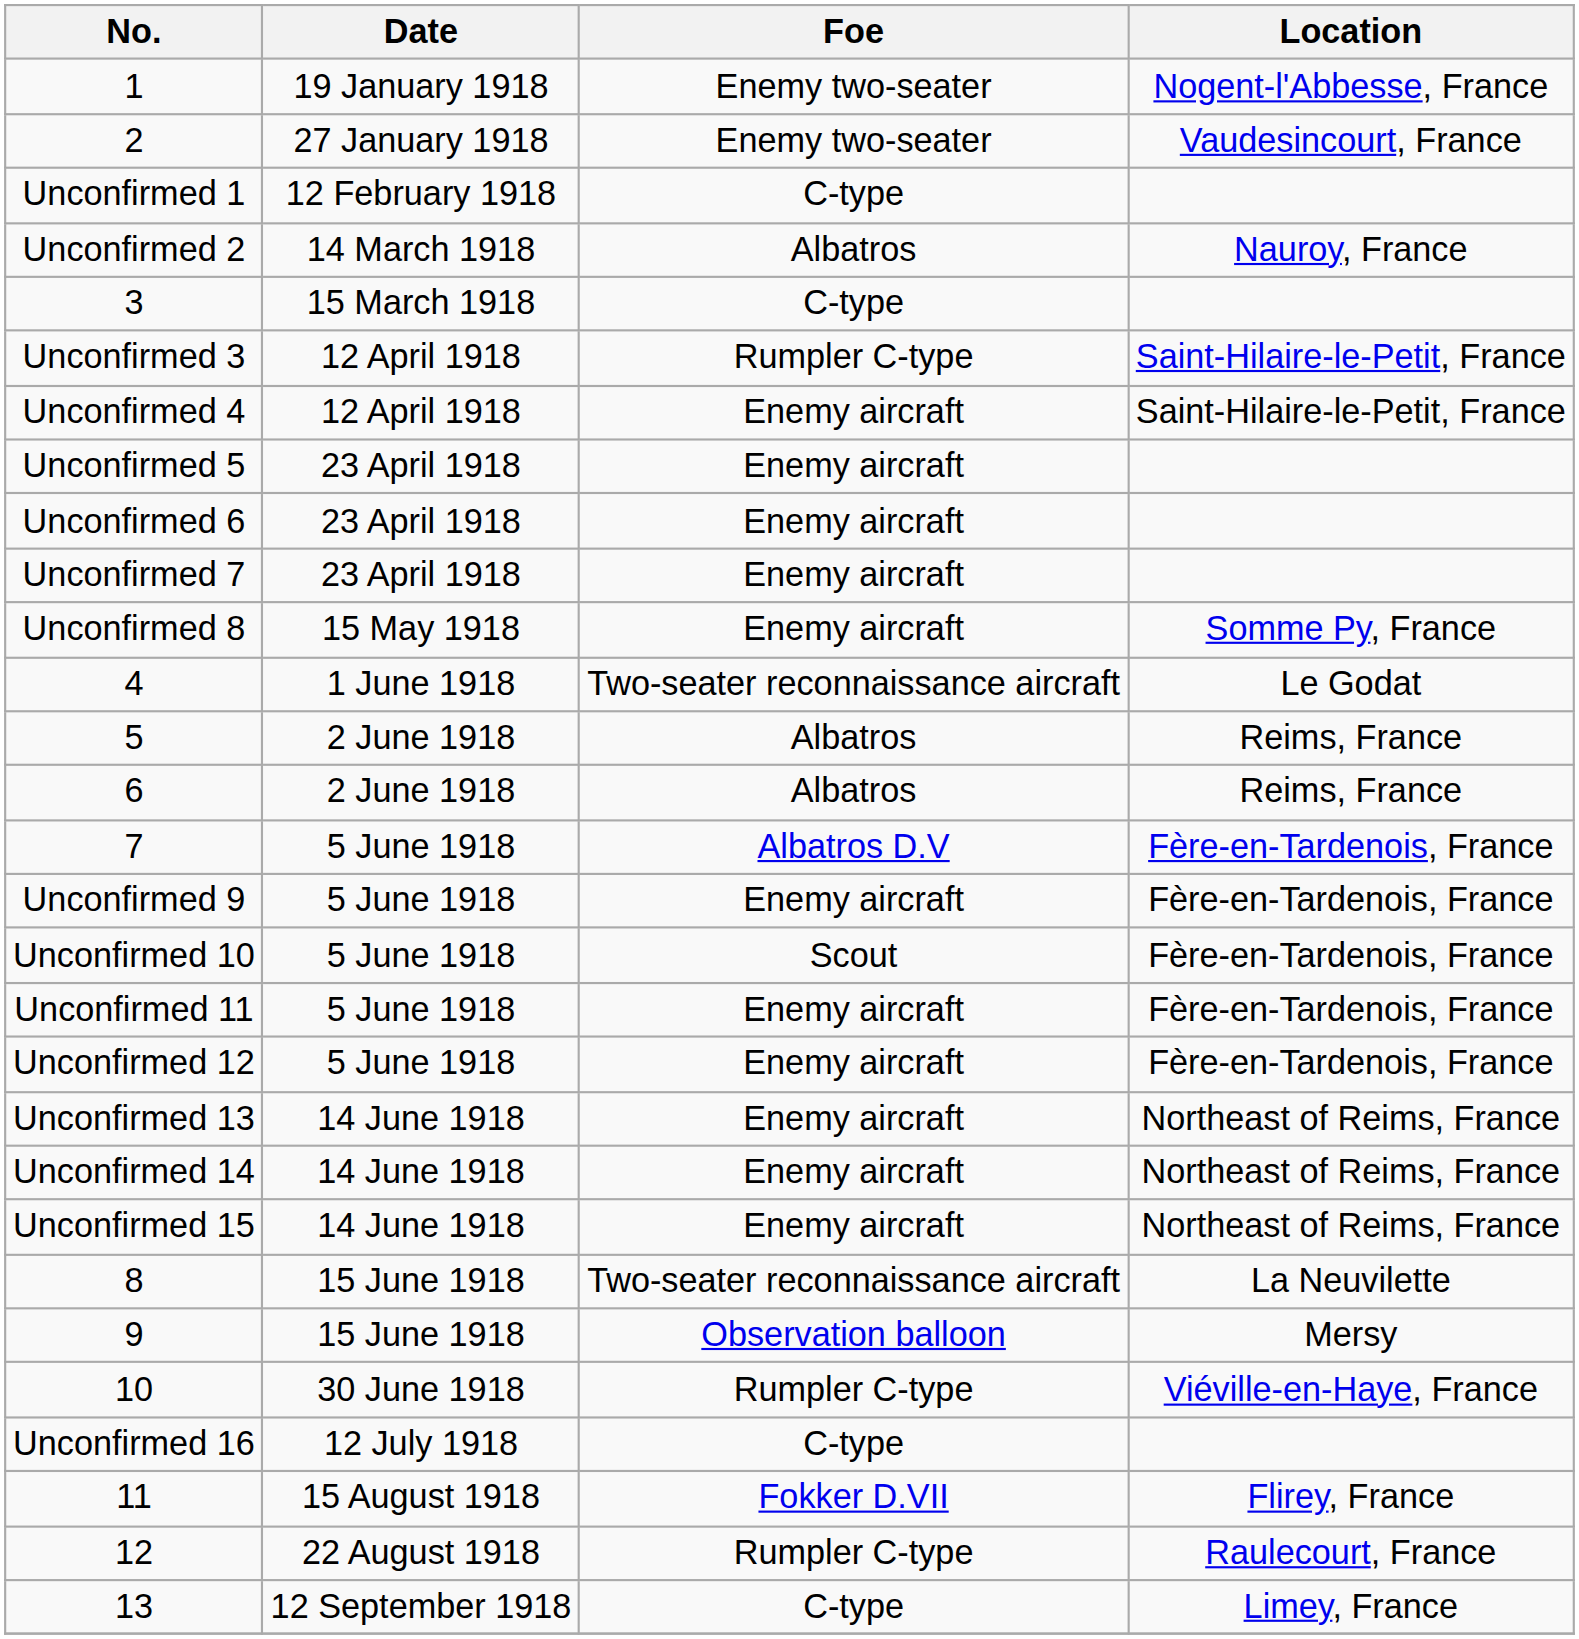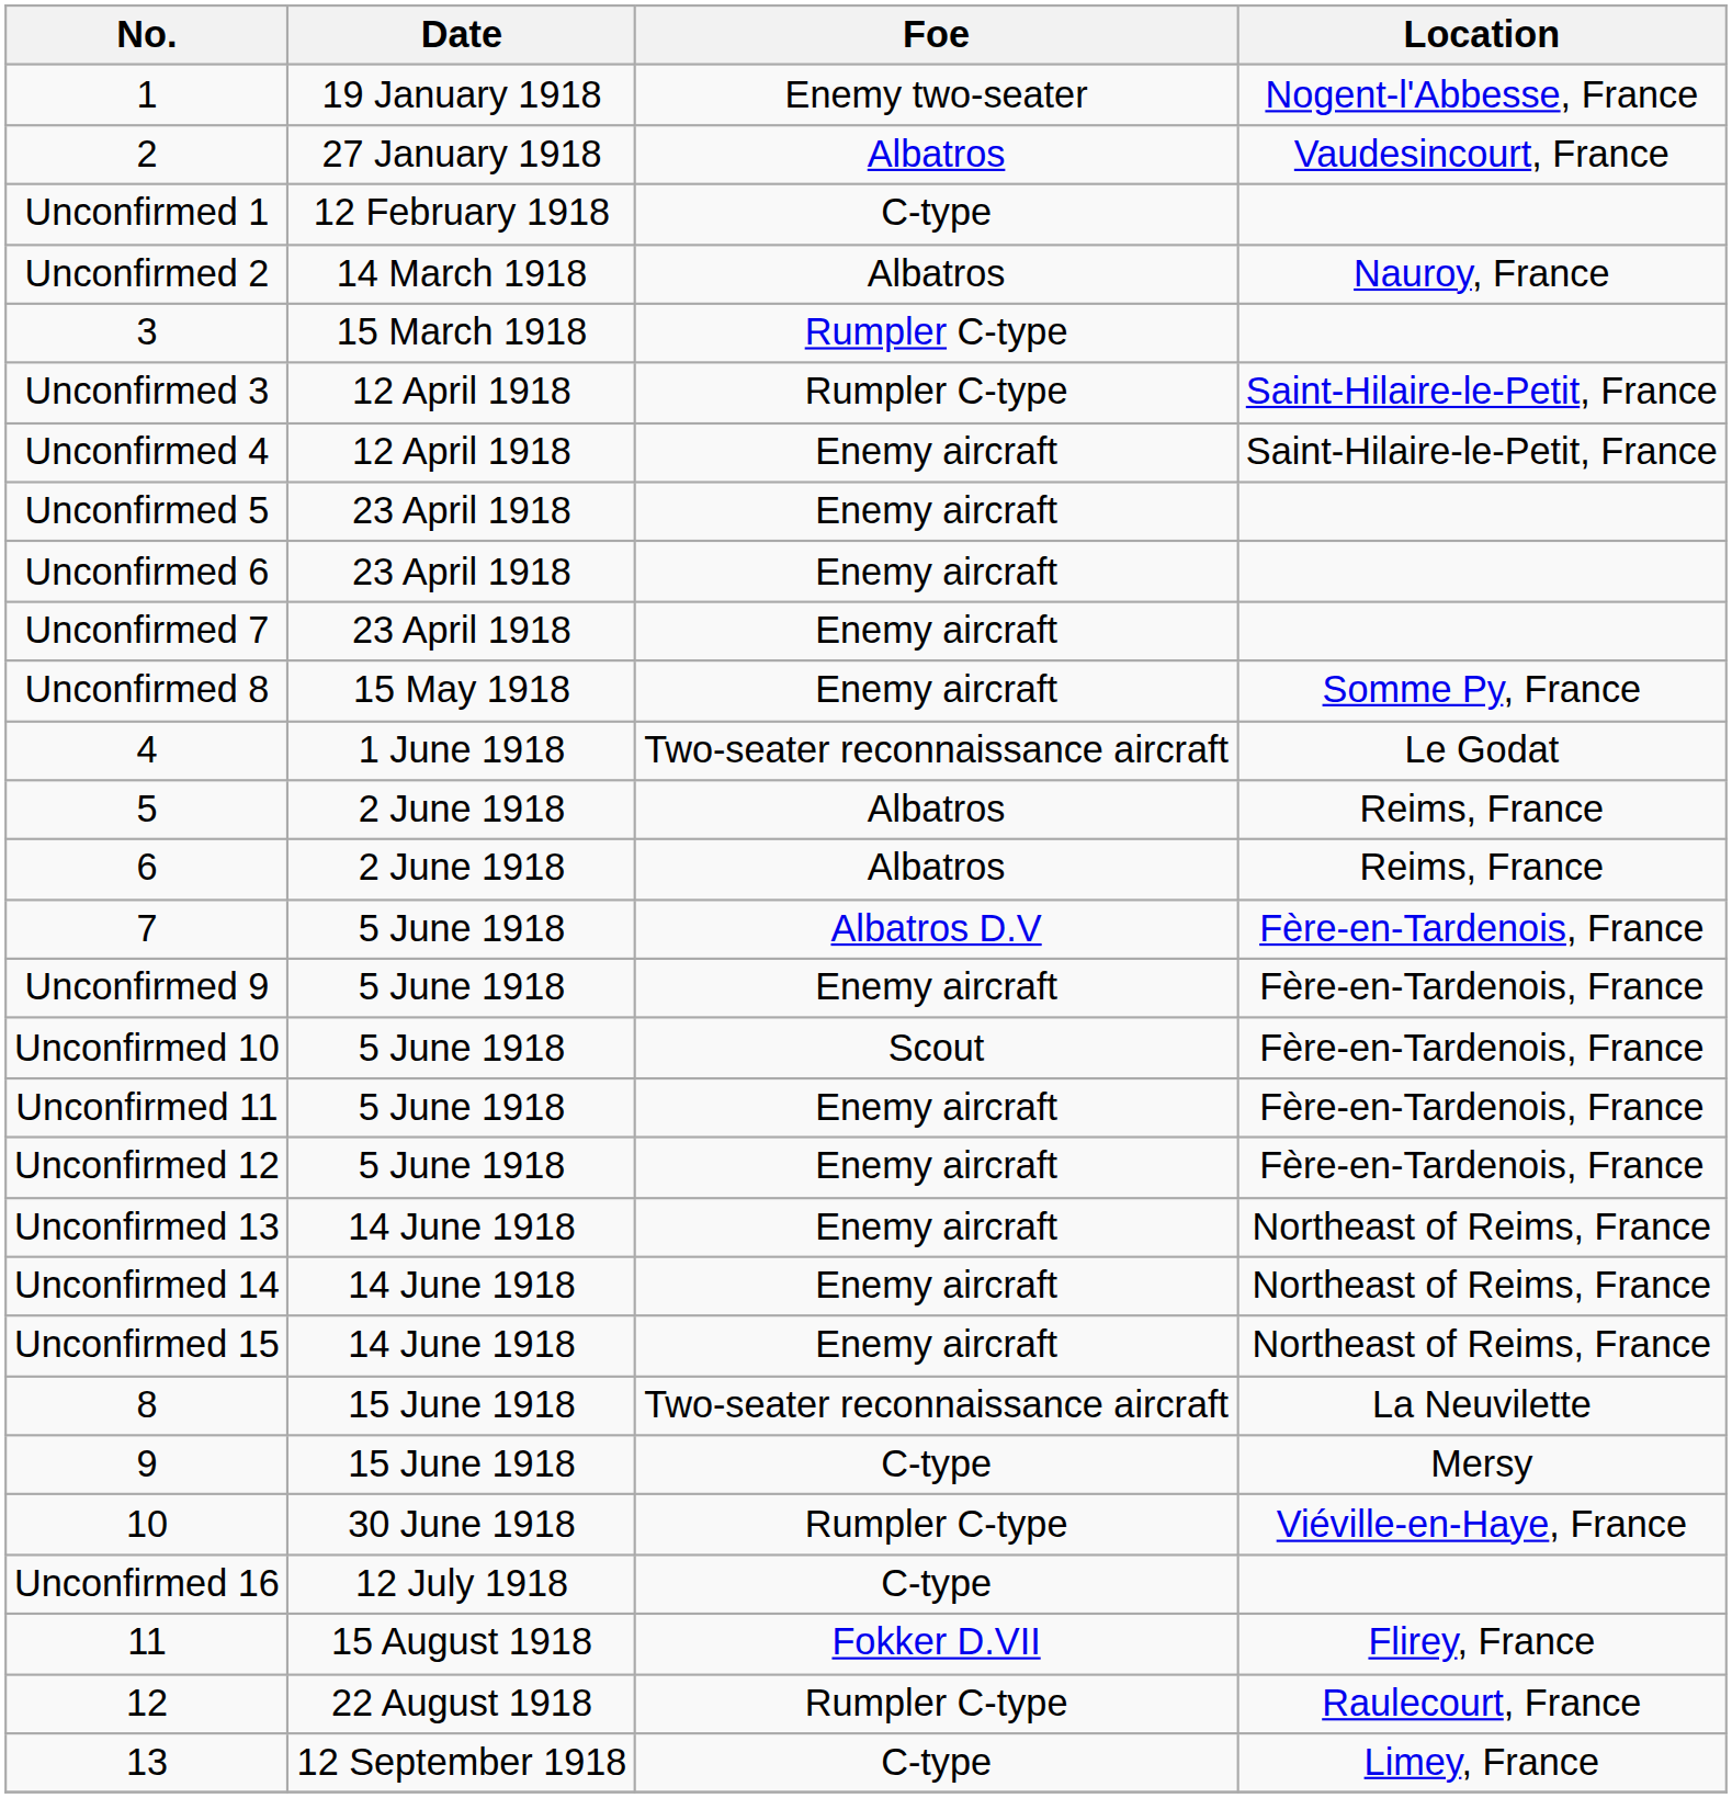 <table class="wikitable" border="1" style="margin: 1em auto 1em auto">
 <tr>
 <th>No.</th>
 <th>Date</th>
 <th>Foe</th>
 <th>Location</th>
 </tr>
 <tr>
 <td align="center">1</td>
 <td align="center">19 January 1918</td>
 <td align="center">Enemy two-seater</td>
 <td align="center"><a href='#'>Nogent-l'Abbesse</a>, France</td>
 </tr>
 <tr>
 <td align="center">2</td>
 <td align="center">27 January 1918</td>
-<td align="center">Enemy two-seater</td>
+<td align="center"><a href='#'>Albatros</a></td>
 <td align="center"><a href='#'>Vaudesincourt</a>, France</td>
 </tr>
 <tr>
 <td align="center">Unconfirmed 1</td>
 <td align="center">12 February 1918</td>
 <td align="center">C-type</td>
 <td align="center"></td>
 </tr>
 <tr>
 <td align="center">Unconfirmed 2</td>
 <td align="center">14 March 1918</td>
 <td align="center">Albatros</td>
 <td align="center"><a href='#'>Nauroy</a>, France</td>
 </tr>
 <tr>
 <td align="center">3</td>
 <td align="center">15 March 1918</td>
-<td align="center">C-type</td>
+<td align="center"><a href='#'>Rumpler</a> C-type</td>
 <td align="center"></td>
 </tr>
 <tr>
 <td align="center">Unconfirmed 3</td>
 <td align="center">12 April 1918</td>
 <td align="center">Rumpler C-type</td>
 <td align="center"><a href='#'>Saint-Hilaire-le-Petit</a>, France</td>
 </tr>
 <tr>
 <td align="center">Unconfirmed 4</td>
 <td align="center">12 April 1918</td>
 <td align="center">Enemy aircraft</td>
 <td align="center">Saint-Hilaire-le-Petit, France</td>
 </tr>
 <tr>
 <td align="center">Unconfirmed 5</td>
 <td align="center">23 April 1918</td>
 <td align="center">Enemy aircraft</td>
 <td align="center"></td>
 </tr>
 <tr>
 <td align="center">Unconfirmed 6</td>
 <td align="center">23 April 1918</td>
 <td align="center">Enemy aircraft</td>
 <td align="center"></td>
 </tr>
 <tr>
 <td align="center">Unconfirmed 7</td>
 <td align="center">23 April 1918</td>
 <td align="center">Enemy aircraft</td>
 <td align="center"></td>
 </tr>
 <tr>
 <td align="center">Unconfirmed 8</td>
 <td align="center">15 May 1918</td>
 <td align="center">Enemy aircraft</td>
 <td align="center"><a href='#'>Somme Py</a>, France</td>
 </tr>
 <tr>
 <td align="center">4</td>
 <td align="center">1 June 1918</td>
 <td align="center">Two-seater reconnaissance aircraft</td>
 <td align="center">Le Godat</td>
 </tr>
 <tr>
 <td align="center">5</td>
 <td align="center">2 June 1918</td>
 <td align="center">Albatros</td>
 <td align="center">Reims, France</td>
 </tr>
 <tr>
 <td align="center">6</td>
 <td align="center">2 June 1918</td>
 <td align="center">Albatros</td>
 <td align="center">Reims, France</td>
 </tr>
 <tr>
 <td align="center">7</td>
 <td align="center">5 June 1918</td>
 <td align="center"><a href='#'>Albatros D.V</a></td>
 <td align="center"><a href='#'>Fère-en-Tardenois</a>, France</td>
 </tr>
 <tr>
 <td align="center">Unconfirmed 9</td>
 <td align="center">5 June 1918</td>
 <td align="center">Enemy aircraft</td>
 <td align="center">Fère-en-Tardenois, France</td>
 </tr>
 <tr>
 <td align="center">Unconfirmed 10</td>
 <td align="center">5 June 1918</td>
 <td align="center">Scout</td>
 <td align="center">Fère-en-Tardenois, France</td>
 </tr>
 <tr>
 <td align="center">Unconfirmed 11</td>
 <td align="center">5 June 1918</td>
 <td align="center">Enemy aircraft</td>
 <td align="center">Fère-en-Tardenois, France</td>
 </tr>
 <tr>
 <td align="center">Unconfirmed 12</td>
 <td align="center">5 June 1918</td>
 <td align="center">Enemy aircraft</td>
 <td align="center">Fère-en-Tardenois, France</td>
 </tr>
 <tr>
 <td align="center">Unconfirmed 13</td>
 <td align="center">14 June 1918</td>
 <td align="center">Enemy aircraft</td>
 <td align="center">Northeast of Reims, France</td>
 </tr>
 <tr>
 <td align="center">Unconfirmed 14</td>
 <td align="center">14 June 1918</td>
 <td align="center">Enemy aircraft</td>
 <td align="center">Northeast of Reims, France</td>
 </tr>
 <tr>
 <td align="center">Unconfirmed 15</td>
 <td align="center">14 June 1918</td>
 <td align="center">Enemy aircraft</td>
 <td align="center">Northeast of Reims, France</td>
 </tr>
 <tr>
 <td align="center">8</td>
 <td align="center">15 June 1918</td>
 <td align="center">Two-seater reconnaissance aircraft</td>
 <td align="center">La Neuvilette</td>
 </tr>
 <tr>
 <td align="center">9</td>
 <td align="center">15 June 1918</td>
-<td align="center"><a href='#'>Observation balloon</a></td>
+<td align="center">C-type</td>
 <td align="center">Mersy</td>
 </tr>
 <tr>
 <td align="center">10</td>
 <td align="center">30 June 1918</td>
 <td align="center">Rumpler C-type</td>
 <td align="center"><a href='#'>Viéville-en-Haye</a>, France</td>
 </tr>
 <tr>
 <td align="center">Unconfirmed 16</td>
 <td align="center">12 July 1918</td>
 <td align="center">C-type</td>
 <td align="center"></td>
 </tr>
 <tr>
 <td align="center">11</td>
 <td align="center">15 August 1918</td>
 <td align="center"><a href='#'>Fokker D.VII</a></td>
 <td align="center"><a href='#'>Flirey</a>, France</td>
 </tr>
 <tr>
 <td align="center">12</td>
 <td align="center">22 August 1918</td>
 <td align="center">Rumpler C-type</td>
 <td align="center"><a href='#'>Raulecourt</a>, France</td>
 </tr>
 <tr>
 <td align="center">13</td>
 <td align="center">12 September 1918</td>
 <td align="center">C-type</td>
 <td align="center"><a href='#'>Limey</a>, France</td>
 </tr>
 <tr>
 </tr>
 </table>
